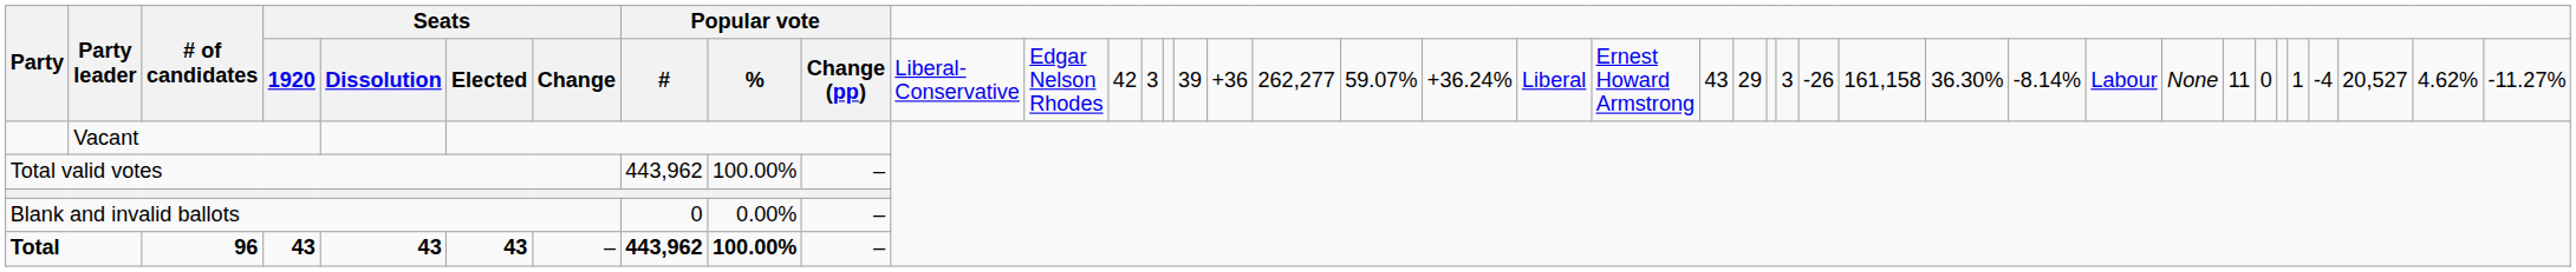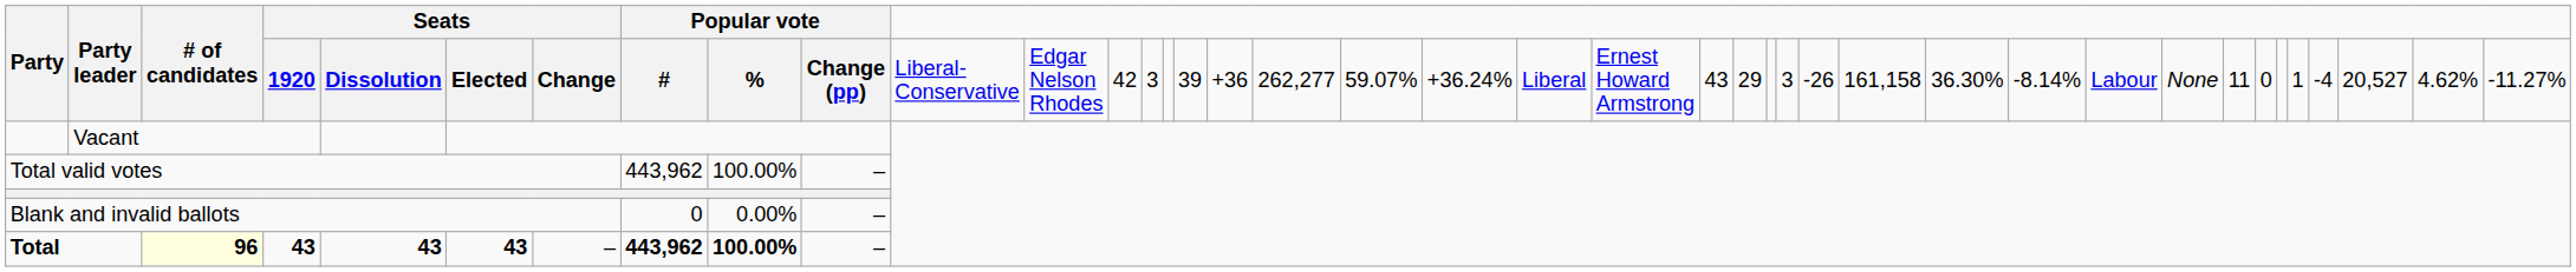 <table class="wikitable">
 <tr>
 <th rowspan="2" colspan="2">Party</th>
 <th rowspan="2">Party leader</th>
 <th rowspan="2"># of<br>candidates</th>
 <th colspan="4">Seats</th>
 <th colspan="3">Popular vote</th>
 </tr>
 <tr>
 <th><a href='#'>1920</a></th>
 <th><span><a href='#'>Dissolution</a></span></th>
 <th>Elected</th>
 <th>Change</th>
 <th>#</th>
 <th>%</th>
 <th>Change (<a href='#'>pp</a>)<br></th>
 <td><a href='#'>Liberal-Conservative</a></td>
 <td><a href='#'>Edgar Nelson Rhodes</a></td>
 <td align="right">42</td>
 <td align="right">3</td>
 <td align="right"></td>
 <td align="right">39</td>
 <td align="right">+36</td>
 <td align="right">262,277</td>
 <td align="right">59.07%</td>
 <td align="right">+36.24%<br></td>
 <td><a href='#'>Liberal</a></td>
 <td><a href='#'>Ernest Howard Armstrong</a></td>
 <td align="right">43</td>
 <td align="right">29</td>
 <td align="right"></td>
 <td align="right">3</td>
 <td align="right">-26</td>
 <td align="right">161,158</td>
 <td align="right">36.30%</td>
 <td align="right">-8.14%<br></td>
 <td><a href='#'>Labour</a></td>
 <td><em>None</em></td>
 <td align="right">11</td>
 <td align="right">0</td>
 <td align="right"></td>
 <td align="right">1</td>
 <td align="right">-4</td>
 <td align="right">20,527</td>
 <td align="right">4.62%</td>
 <td align="right">-11.27%</td>
 </tr>
 <tr>
 <td> </td>
 <td colspan=4>Vacant</td>
 <td align="right"></td>
 <td colspan=5> </td>
 </tr>
 <tr>
 <td colspan="8">Total valid votes</td>
 <td align="right">443,962</td>
 <td align="right">100.00%</td>
 <td align="right">–</td>
 </tr>
 <tr>
 <th colspan="11"></th>
 </tr>
 <tr>
 <td colspan="8">Blank and invalid ballots</td>
 <td align="right">0</td>
 <td align="right">0.00%</td>
 <td align="right">–</td>
 </tr>
 <tr>
 <td colspan=3><strong>Total</strong></td>
-<td align="right"><strong>96</strong></td>
+<td align="right" style="background: lightyellow;"><strong>96</strong></td>
 <td align="right"><strong>43</strong></td>
 <td align="right"><strong>43</strong></td>
 <td align="right"><strong>43</strong></td>
 <td align="right">–</td>
 <td align="right"><strong>443,962</strong></td>
 <td align="right"><strong>100.00%</strong></td>
 <td align="right">–</td>
 </tr>
 </table>
